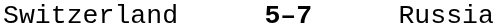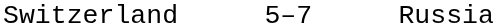 <table style="text-align:center">
 <tr>
 <th width=200></th>
 <th width=100></th>
 <th width=200></th>
 </tr>
 <tr>
 <td align=right>Switzerland </td>
-<td><strong>5–7</strong></td>
+<td>5–7</td>
 <td align=left> Russia</td>
 </tr>
 </table>
